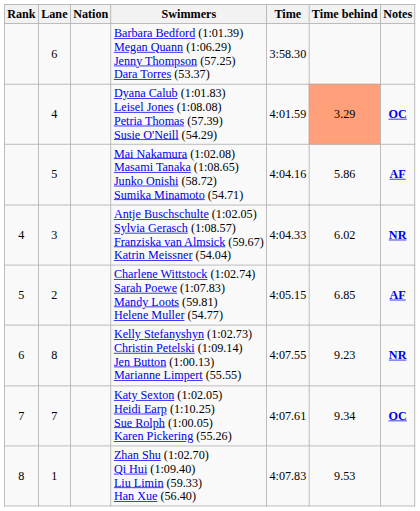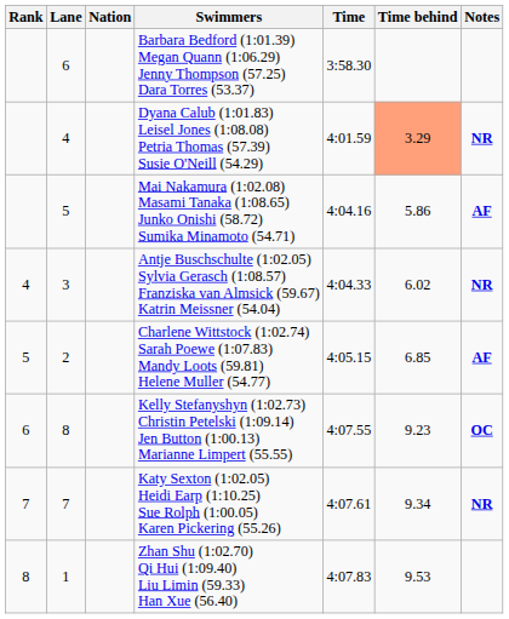 <table class="wikitable sortable" style="text-align:center">
 <tr>
 <th>Rank</th>
 <th>Lane</th>
 <th>Nation</th>
 <th>Swimmers</th>
 <th>Time</th>
 <th>Time behind</th>
 <th>Notes</th>
 </tr>
 <tr>
 <td></td>
 <td>6</td>
 <td align=left></td>
 <td align=left><a href='#'>Barbara Bedford</a> (1:01.39)<br><a href='#'>Megan Quann</a> (1:06.29)<br><a href='#'>Jenny Thompson</a> (57.25)<br><a href='#'>Dara Torres</a> (53.37)</td>
 <td>3:58.30</td>
 <td></td>
 <td></td>
 </tr>
 <tr>
 <td></td>
 <td>4</td>
 <td align=left></td>
 <td align=left><a href='#'>Dyana Calub</a> (1:01.83)<br><a href='#'>Leisel Jones</a> (1:08.08)<br><a href='#'>Petria Thomas</a> (57.39)<br><a href='#'>Susie O'Neill</a> (54.29)</td>
 <td>4:01.59</td>
 <td style="background: lightsalmon;">3.29</td>
-<td><strong><a href='#'>OC</a></strong></td>
+<td><strong><a href='#'>NR</a></strong></td>
 </tr>
 <tr>
 <td></td>
 <td>5</td>
 <td align=left></td>
 <td align=left><a href='#'>Mai Nakamura</a> (1:02.08)<br><a href='#'>Masami Tanaka</a> (1:08.65)<br><a href='#'>Junko Onishi</a> (58.72)<br><a href='#'>Sumika Minamoto</a> (54.71)</td>
 <td>4:04.16</td>
 <td>5.86</td>
 <td><strong><a href='#'>AF</a></strong></td>
 </tr>
 <tr>
 <td>4</td>
 <td>3</td>
 <td align=left></td>
 <td align=left><a href='#'>Antje Buschschulte</a> (1:02.05)<br><a href='#'>Sylvia Gerasch</a> (1:08.57)<br><a href='#'>Franziska van Almsick</a> (59.67)<br><a href='#'>Katrin Meissner</a> (54.04)</td>
 <td>4:04.33</td>
 <td>6.02</td>
 <td><strong><a href='#'>NR</a></strong></td>
 </tr>
 <tr>
 <td>5</td>
 <td>2</td>
 <td align=left></td>
 <td align=left><a href='#'>Charlene Wittstock</a> (1:02.74)<br><a href='#'>Sarah Poewe</a> (1:07.83)<br><a href='#'>Mandy Loots</a> (59.81)<br><a href='#'>Helene Muller</a> (54.77)</td>
 <td>4:05.15</td>
 <td>6.85</td>
 <td><strong><a href='#'>AF</a></strong></td>
 </tr>
 <tr>
 <td>6</td>
 <td>8</td>
 <td align=left></td>
 <td align=left><a href='#'>Kelly Stefanyshyn</a> (1:02.73)<br><a href='#'>Christin Petelski</a> (1:09.14)<br><a href='#'>Jen Button</a> (1:00.13)<br><a href='#'>Marianne Limpert</a> (55.55)</td>
 <td>4:07.55</td>
 <td>9.23</td>
-<td><strong><a href='#'>NR</a></strong></td>
+<td><strong><a href='#'>OC</a></strong></td>
 </tr>
 <tr>
 <td>7</td>
 <td>7</td>
 <td align=left></td>
 <td align=left><a href='#'>Katy Sexton</a> (1:02.05)<br><a href='#'>Heidi Earp</a> (1:10.25)<br><a href='#'>Sue Rolph</a> (1:00.05)<br><a href='#'>Karen Pickering</a> (55.26)</td>
 <td>4:07.61</td>
 <td>9.34</td>
-<td><strong><a href='#'>OC</a></strong></td>
+<td><strong><a href='#'>NR</a></strong></td>
 </tr>
 <tr>
 <td>8</td>
 <td>1</td>
 <td align=left></td>
 <td align=left><a href='#'>Zhan Shu</a> (1:02.70)<br><a href='#'>Qi Hui</a> (1:09.40)<br><a href='#'>Liu Limin</a> (59.33)<br><a href='#'>Han Xue</a> (56.40)</td>
 <td>4:07.83</td>
 <td>9.53</td>
 <td></td>
 </tr>
 </table>
